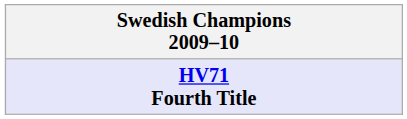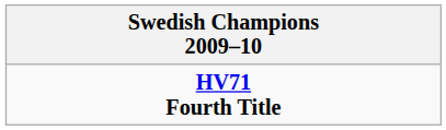 <table class="wikitable" style="text-align: center; margin: 0 auto; width: 20%">
 <tr>
 <th>Swedish Champions<br>2009–10</th>
 </tr>
 <tr>
-<td style="background: lavender;"><strong><a href='#'>HV71</a></strong><br><strong>Fourth Title</strong></td>
+<td><strong><a href='#'>HV71</a></strong><br><strong>Fourth Title</strong></td>
 </tr>
 </table>
